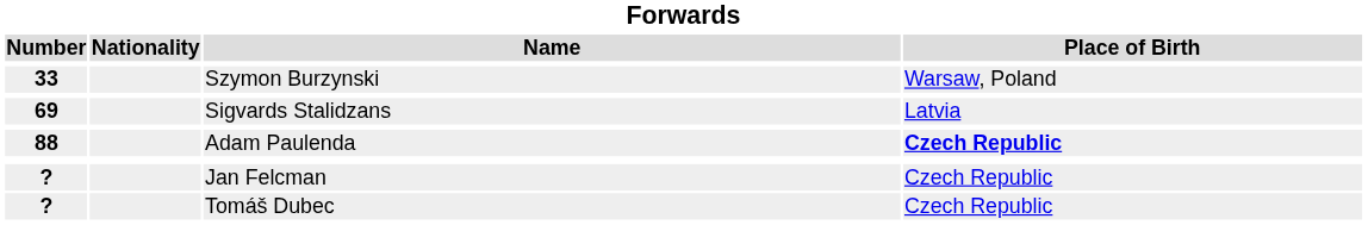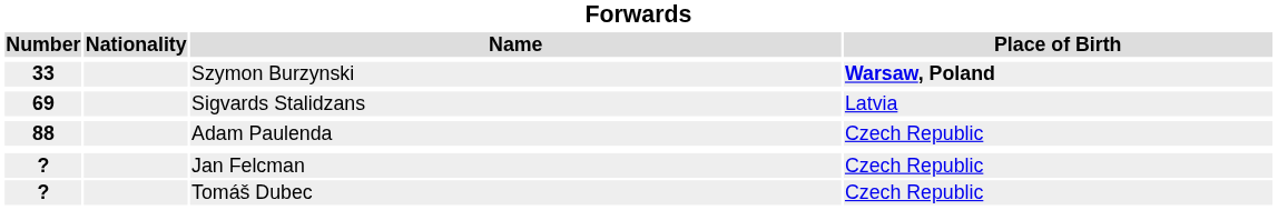 <table width=65%>
 <tr>
 <th colspan=7><big>Forwards</big></th>
 </tr>
 <tr bgcolor="#dddddd">
 <th width=5%>Number</th>
 <th width=5%>Nationality</th>
 <th !width=18%>Name</th>
 <th width=34%>Place of Birth</th>
 </tr>
 <tr>
 </tr>
 <tr bgcolor="#eeeeee">
 <td align=center><strong>33</strong></td>
 <td align=center></td>
 <td>Szymon Burzynski</td>
-<td><a href='#'>Warsaw</a>, Poland</td>
+<td><strong><a href='#'>Warsaw</a>, Poland</strong></td>
 </tr>
 <tr>
 </tr>
 <tr bgcolor="#eeeeee">
 <td align=center><strong>69</strong></td>
 <td align=center></td>
 <td>Sigvards Stalidzans</td>
 <td><a href='#'>Latvia</a></td>
 </tr>
 <tr>
 </tr>
 <tr bgcolor="#eeeeee">
 <td align=center><strong>88</strong></td>
 <td align=center></td>
 <td>Adam Paulenda</td>
-<td><strong><a href='#'>Czech Republic</a></strong></td>
+<td><a href='#'>Czech Republic</a></td>
 </tr>
 <tr>
 </tr>
 <tr>
 </tr>
 <tr bgcolor="#eeeeee">
 <td align=center><strong>?</strong></td>
 <td align=center></td>
 <td>Jan Felcman</td>
 <td><a href='#'>Czech Republic</a></td>
 </tr>
 <tr |- bgcolor="#eeeeee">
 <td align="center"><strong>?</strong></td>
 <td align="center"></td>
 <td>Tomáš Dubec</td>
 <td><a href='#'>Czech Republic</a></td>
 </tr>
 </table>
